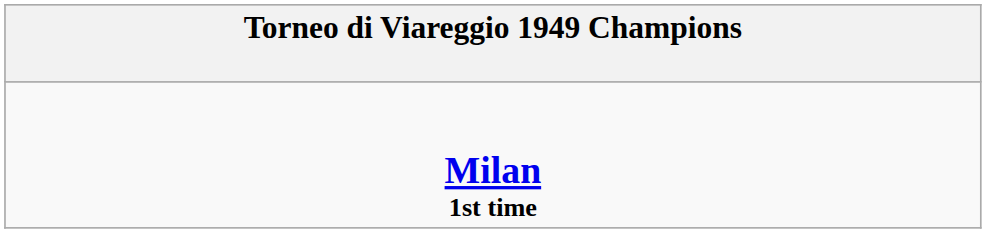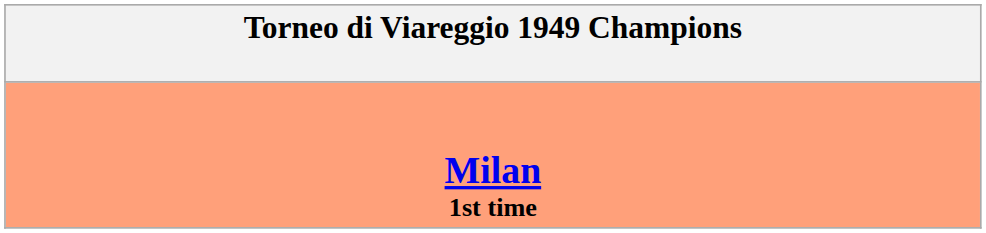 <table class="wikitable" style="margin: 0 auto; width: 30%;">
 <tr>
 <th><big>Torneo di Viareggio 1949 Champions</big><br><br></th>
 </tr>
 <tr>
-<td align=center><br><br><big><big><strong><a href='#'>Milan</a></strong><br></big></big><strong>1st time</strong></td>
+<td align=center style="background: lightsalmon;"><br><br><big><big><strong><a href='#'>Milan</a></strong><br></big></big><strong>1st time</strong></td>
 </tr>
 </table>
